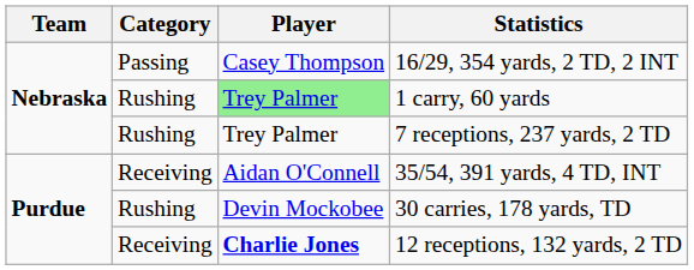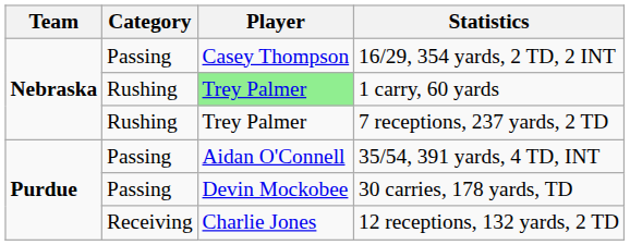 <table class="wikitable" style="float: right;">
 <tr>
 <th>Team</th>
 <th>Category</th>
 <th>Player</th>
 <th>Statistics</th>
 </tr>
 <tr>
 <td rowspan=3><strong>Nebraska</strong></td>
 <td>Passing</td>
 <td><a href='#'>Casey Thompson</a></td>
 <td>16/29, 354 yards, 2 TD, 2 INT</td>
 </tr>
 <tr>
 <td>Rushing</td>
 <td style="background: lightgreen;"><a href='#'>Trey Palmer</a></td>
 <td>1 carry, 60 yards</td>
 </tr>
 <tr>
 <td>Rushing</td>
 <td>Trey Palmer</td>
 <td>7 receptions, 237 yards, 2 TD</td>
 </tr>
 <tr>
 <td rowspan=3><strong>Purdue</strong></td>
-<td>Receiving</td>
+<td>Passing</td>
 <td><a href='#'>Aidan O'Connell</a></td>
 <td>35/54, 391 yards, 4 TD, INT</td>
 </tr>
 <tr>
-<td>Rushing</td>
+<td>Passing</td>
 <td><a href='#'>Devin Mockobee</a></td>
 <td>30 carries, 178 yards, TD</td>
 </tr>
 <tr>
 <td>Receiving</td>
-<td><strong><a href='#'>Charlie Jones</a></strong></td>
+<td><a href='#'>Charlie Jones</a></td>
 <td>12 receptions, 132 yards, 2 TD</td>
 </tr>
 </table>
